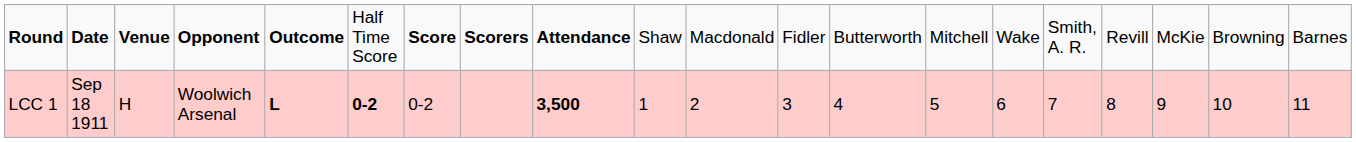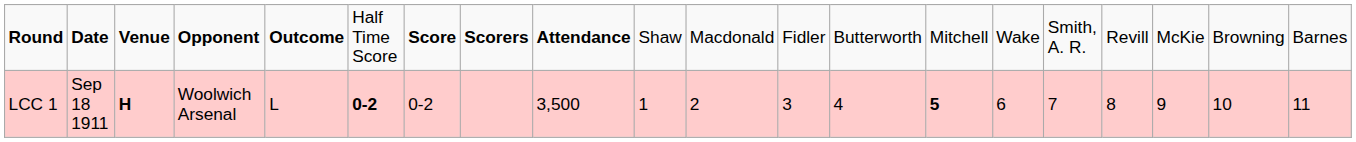 <table class="wikitable">
 <tr>
 <td><strong>Round</strong></td>
 <td><strong>Date</strong></td>
 <td><strong>Venue</strong></td>
 <td><strong>Opponent</strong></td>
 <td><strong>Outcome</strong></td>
 <td>Half Time Score</td>
 <td><strong>Score</strong></td>
 <td><strong>Scorers</strong></td>
 <td><strong>Attendance</strong></td>
 <td>Shaw</td>
 <td>Macdonald</td>
 <td>Fidler</td>
 <td>Butterworth</td>
 <td>Mitchell</td>
 <td>Wake</td>
 <td>Smith, A. R.</td>
 <td>Revill</td>
 <td>McKie</td>
 <td>Browning</td>
 <td>Barnes</td>
 </tr>
 <tr bgcolor="#FFCCCC">
 <td>LCC 1</td>
 <td>Sep 18 1911</td>
-<td>H</td>
+<td><strong>H</strong></td>
 <td>Woolwich Arsenal</td>
-<td><strong>L</strong></td>
+<td>L</td>
 <td><strong>0-2</strong></td>
 <td>0-2</td>
 <td></td>
-<td><strong>3,500</strong></td>
+<td>3,500</td>
 <td>1</td>
 <td>2</td>
 <td>3</td>
 <td>4</td>
-<td>5</td>
+<td><strong>5</strong></td>
 <td>6</td>
 <td>7</td>
 <td>8</td>
 <td>9</td>
 <td>10</td>
 <td>11</td>
 </tr>
 </table>
